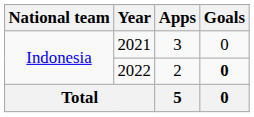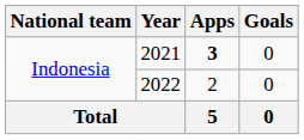 <table class="wikitable" style="text-align:center">
 <tr>
 <th>National team</th>
 <th>Year</th>
 <th>Apps</th>
 <th>Goals</th>
 </tr>
 <tr>
 <td rowspan=2><a href='#'>Indonesia</a></td>
 <td>2021</td>
-<td>3</td>
+<td><strong>3</strong></td>
 <td>0</td>
 </tr>
 <tr>
 <td>2022</td>
 <td>2</td>
-<td><strong>0</strong></td>
+<td>0</td>
 </tr>
 <tr>
 <th colspan=2>Total</th>
 <th>5</th>
 <th>0</th>
 </tr>
 </table>
